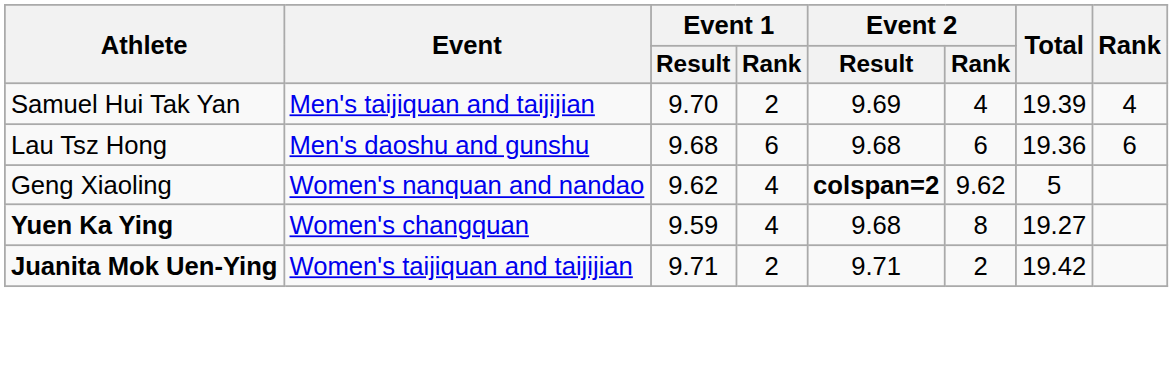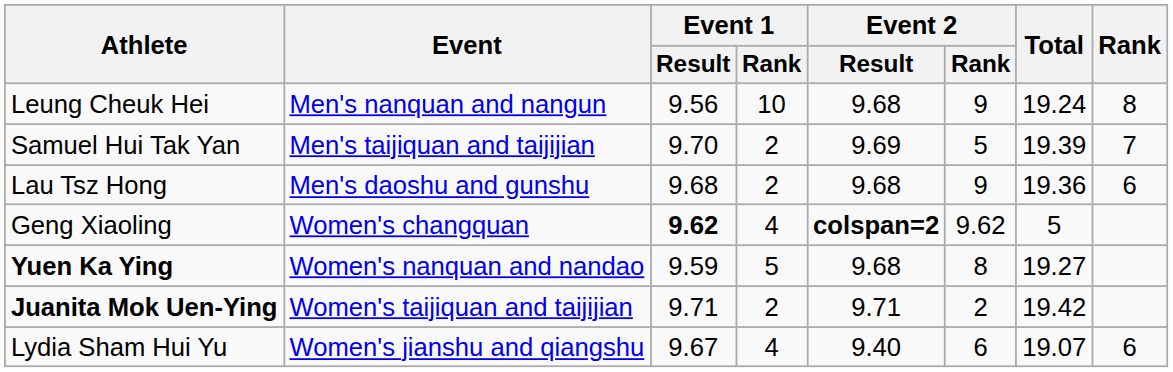 <table class=wikitable style=font-size:90%;text-align:center>
 <tr>
 <th rowspan="2">Athlete</th>
 <th rowspan="2">Event</th>
 <th colspan="2">Event 1</th>
 <th colspan="2">Event 2</th>
 <th rowspan="2">Total</th>
 <th rowspan="2">Rank</th>
 </tr>
 <tr style="font-size:95%">
 <th>Result</th>
 <th>Rank</th>
 <th>Result</th>
 <th>Rank</th>
 </tr>
 <tr>
+<td align=left>Leung Cheuk Hei</td>
+<td align=left><a href='#'>Men's nanquan and nangun</a></td>
+<td>9.56</td>
+<td>10</td>
+<td>9.68</td>
+<td>9</td>
+<td>19.24</td>
+<td>8</td>
+</tr>
+<tr>
 <td align=left>Samuel Hui Tak Yan</td>
 <td align=left><a href='#'>Men's taijiquan and taijijian</a></td>
 <td>9.70</td>
 <td>2</td>
 <td>9.69</td>
-<td>4</td>
+<td>5</td>
 <td>19.39</td>
-<td>4</td>
+<td>7</td>
 </tr>
 <tr>
 <td align=left>Lau Tsz Hong</td>
 <td align=left><a href='#'>Men's daoshu and gunshu</a></td>
 <td>9.68</td>
-<td>6</td>
+<td>2</td>
 <td>9.68</td>
-<td>6</td>
+<td>9</td>
 <td>19.36</td>
 <td>6</td>
 </tr>
 <tr>
 <td align=left>Geng Xiaoling</td>
-<td align=left><a href='#'>Women's nanquan and nandao</a></td>
-<td>9.62</td>
+<td align=left><a href='#'>Women's changquan</a></td>
+<td><strong>9.62</strong></td>
 <td>4</td>
 <td><strong>colspan=2 </strong></td>
 <td>9.62</td>
 <td>5</td>
 </tr>
 <tr>
 <td align=left><strong>Yuen Ka Ying</strong></td>
-<td align=left><a href='#'>Women's changquan</a></td>
+<td align=left><a href='#'>Women's nanquan and nandao</a></td>
 <td>9.59</td>
-<td>4</td>
+<td>5</td>
 <td>9.68</td>
 <td>8</td>
 <td>19.27</td>
 <td></td>
 </tr>
 <tr>
 <td align=left><strong>Juanita Mok Uen-Ying</strong></td>
 <td align=left><a href='#'>Women's taijiquan and taijijian</a></td>
 <td>9.71</td>
 <td>2</td>
 <td>9.71</td>
 <td>2</td>
 <td>19.42</td>
 <td></td>
 </tr>
+<tr>
+<td align=left>Lydia Sham Hui Yu</td>
+<td align=left><a href='#'>Women's jianshu and qiangshu</a></td>
+<td>9.67</td>
+<td>4</td>
+<td>9.40</td>
+<td>6</td>
+<td>19.07</td>
+<td>6</td>
+</tr>
 </table>
